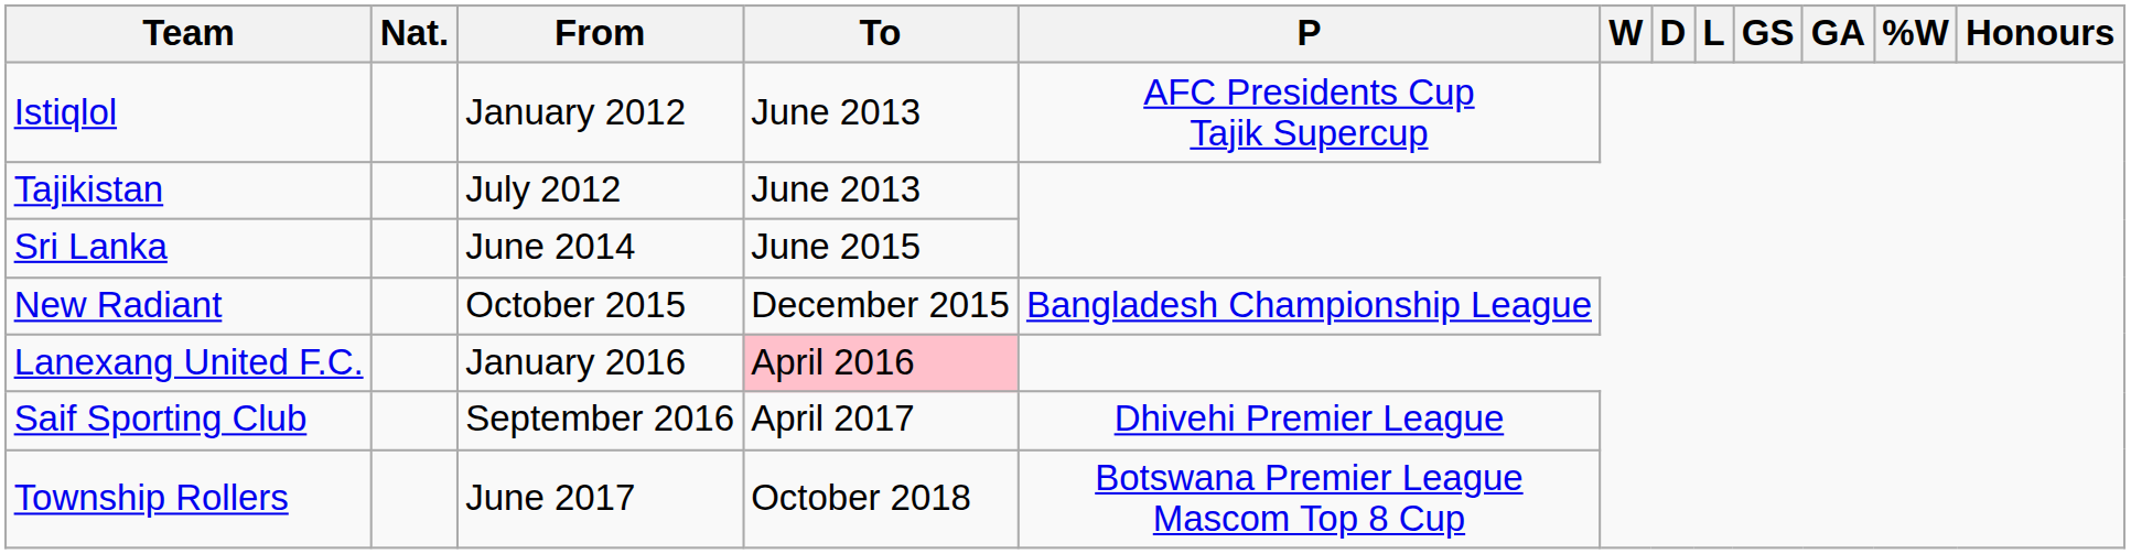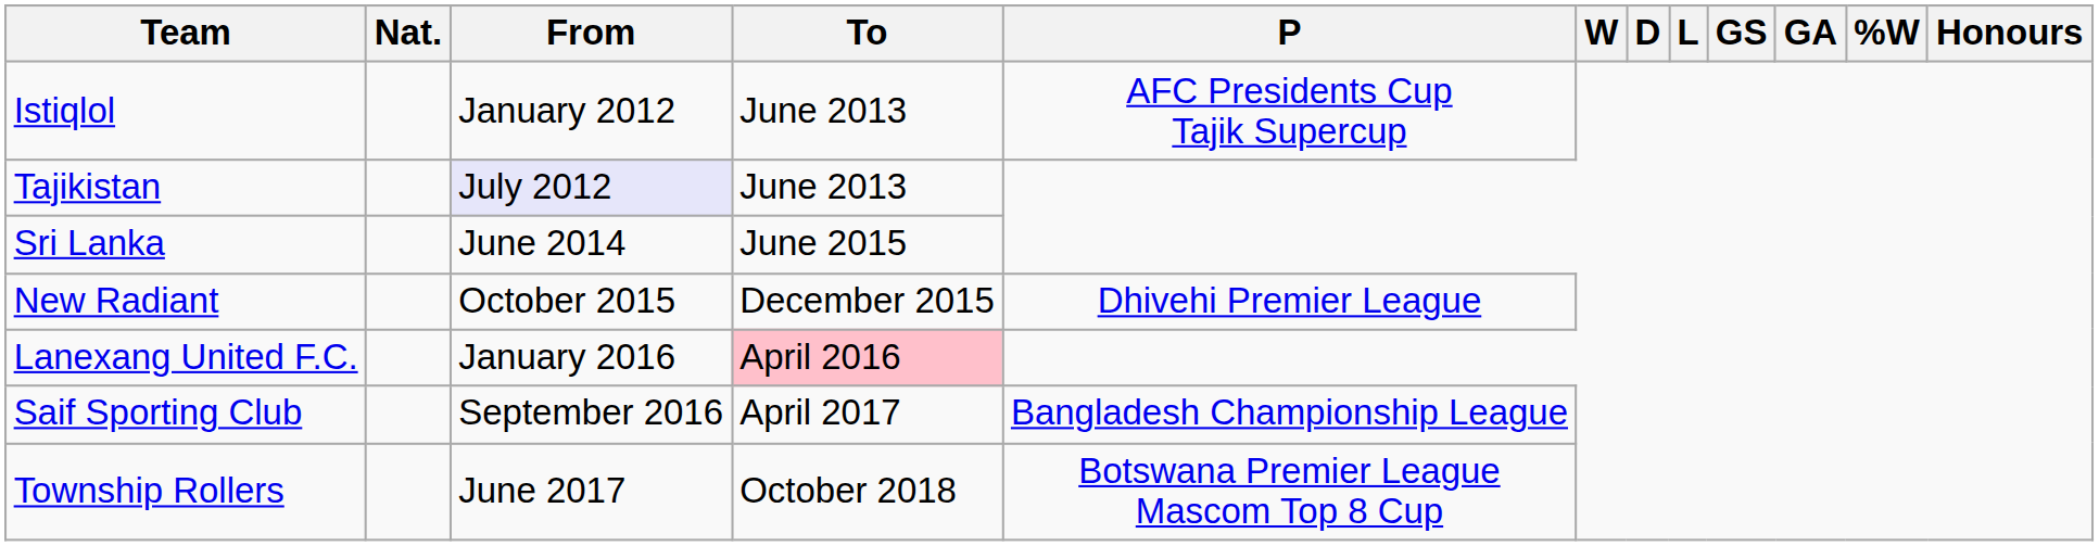 <table class="wikitable sortable" style="text-align: center">
 <tr>
 <th>Team</th>
 <th>Nat.</th>
 <th class="unsortable">From</th>
 <th class="unsortable">To</th>
 <th abbr="1">P</th>
 <th abbr="1">W</th>
 <th abbr="0">D</th>
 <th abbr="1">L</th>
 <th abbr="2">GS</th>
 <th abbr="4">GA</th>
 <th abbr="50">%W</th>
 <th abbr="HONOURS">Honours</th>
 </tr>
 <tr>
 <td align=left><a href='#'>Istiqlol</a></td>
 <td align=left></td>
 <td align=left>January 2012</td>
 <td align=left>June 2013<br></td>
 <td><a href='#'>AFC Presidents Cup</a> <br> <a href='#'>Tajik Supercup</a></td>
 </tr>
 <tr>
 <td align=left><a href='#'>Tajikistan</a></td>
 <td align=left></td>
-<td align=left>July 2012</td>
+<td align=left style="background: lavender;">July 2012</td>
 <td align=left>June 2013<br></td>
 </tr>
 <tr>
 <td align=left><a href='#'>Sri Lanka</a></td>
 <td align=left></td>
 <td align=left>June 2014</td>
 <td align=left>June 2015<br></td>
 </tr>
 <tr>
 <td align=left><a href='#'>New Radiant</a></td>
 <td align=left></td>
 <td align=left>October 2015</td>
 <td align=left>December 2015<br></td>
-<td><a href='#'>Bangladesh Championship League</a></td>
+<td><a href='#'>Dhivehi Premier League</a></td>
 </tr>
 <tr>
 <td align=left><a href='#'>Lanexang United F.C.</a></td>
 <td align=left></td>
 <td align=left>January 2016</td>
 <td align=left style="background: pink;">April 2016<br></td>
 </tr>
 <tr>
 <td align=left><a href='#'>Saif Sporting Club</a></td>
 <td align=left></td>
 <td align=left>September 2016</td>
 <td align=left>April 2017<br></td>
-<td><a href='#'>Dhivehi Premier League</a></td>
+<td><a href='#'>Bangladesh Championship League</a></td>
 </tr>
 <tr>
 <td align=left><a href='#'>Township Rollers</a></td>
 <td align=left></td>
 <td align=left>June 2017</td>
 <td align=left>October 2018<br></td>
 <td><a href='#'>Botswana Premier League</a> <br> <a href='#'>Mascom Top 8 Cup</a></td>
 </tr>
 </table>
